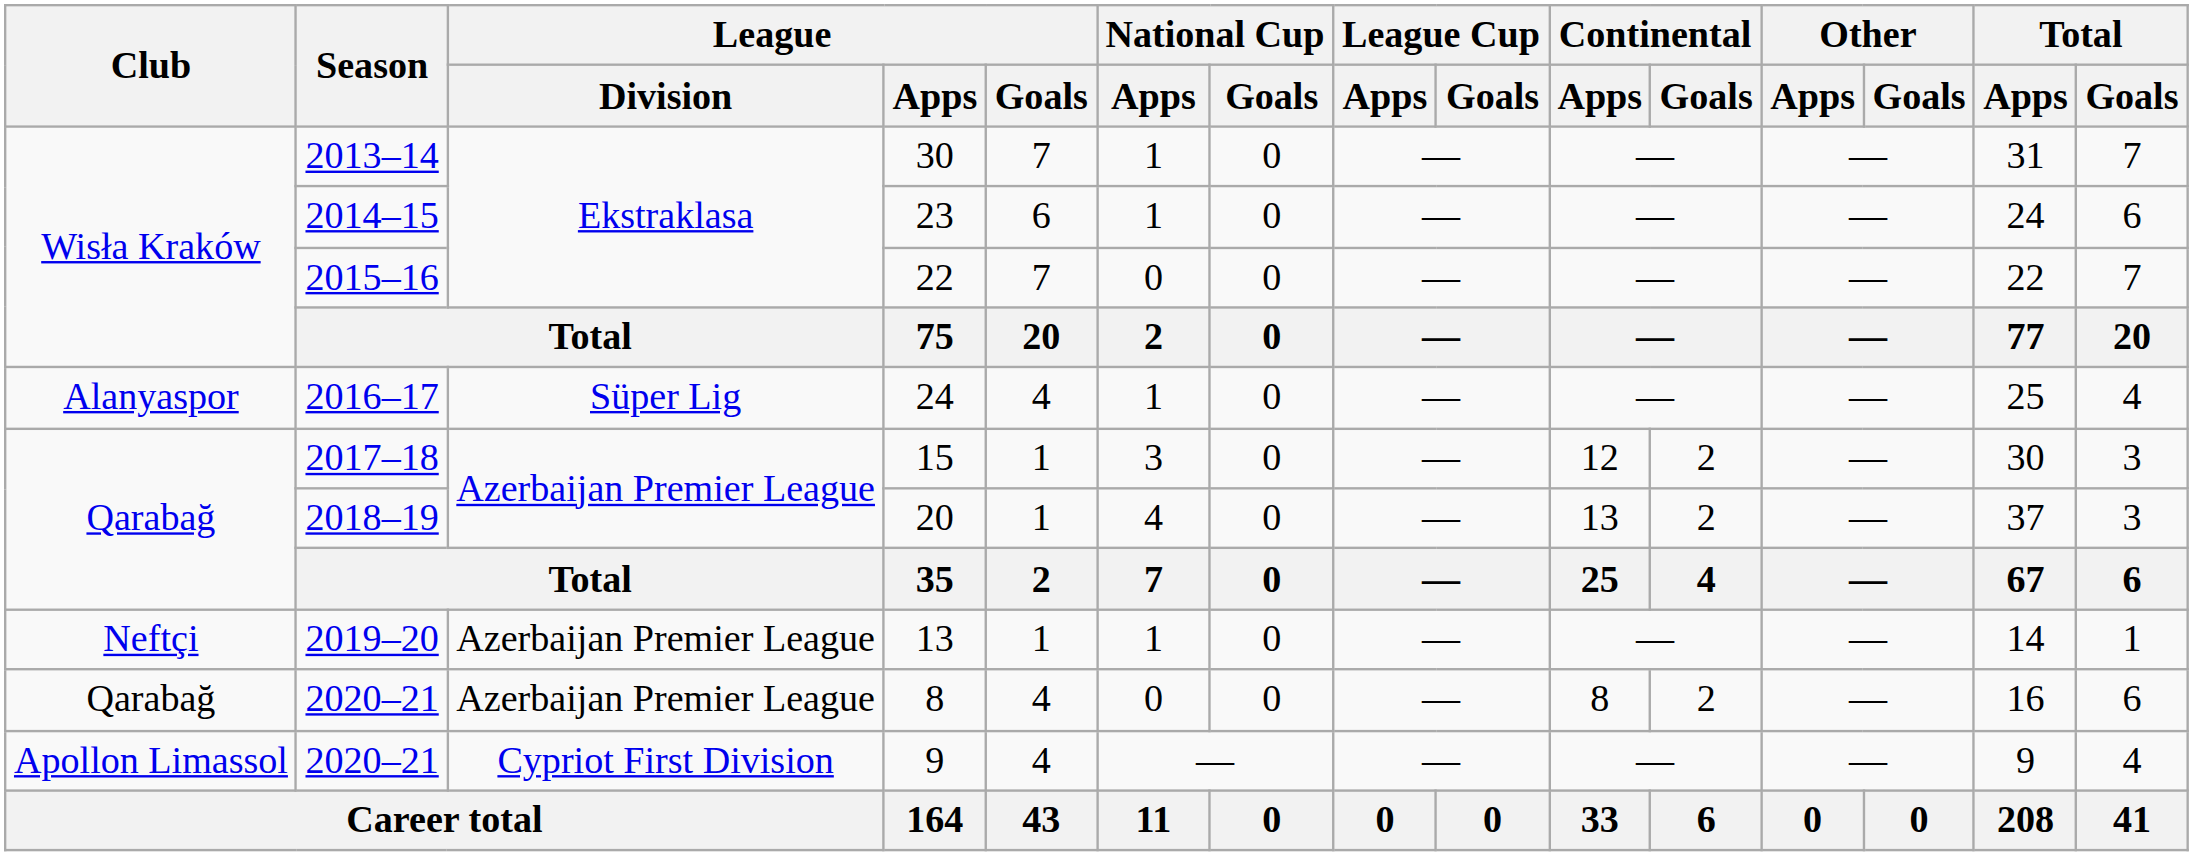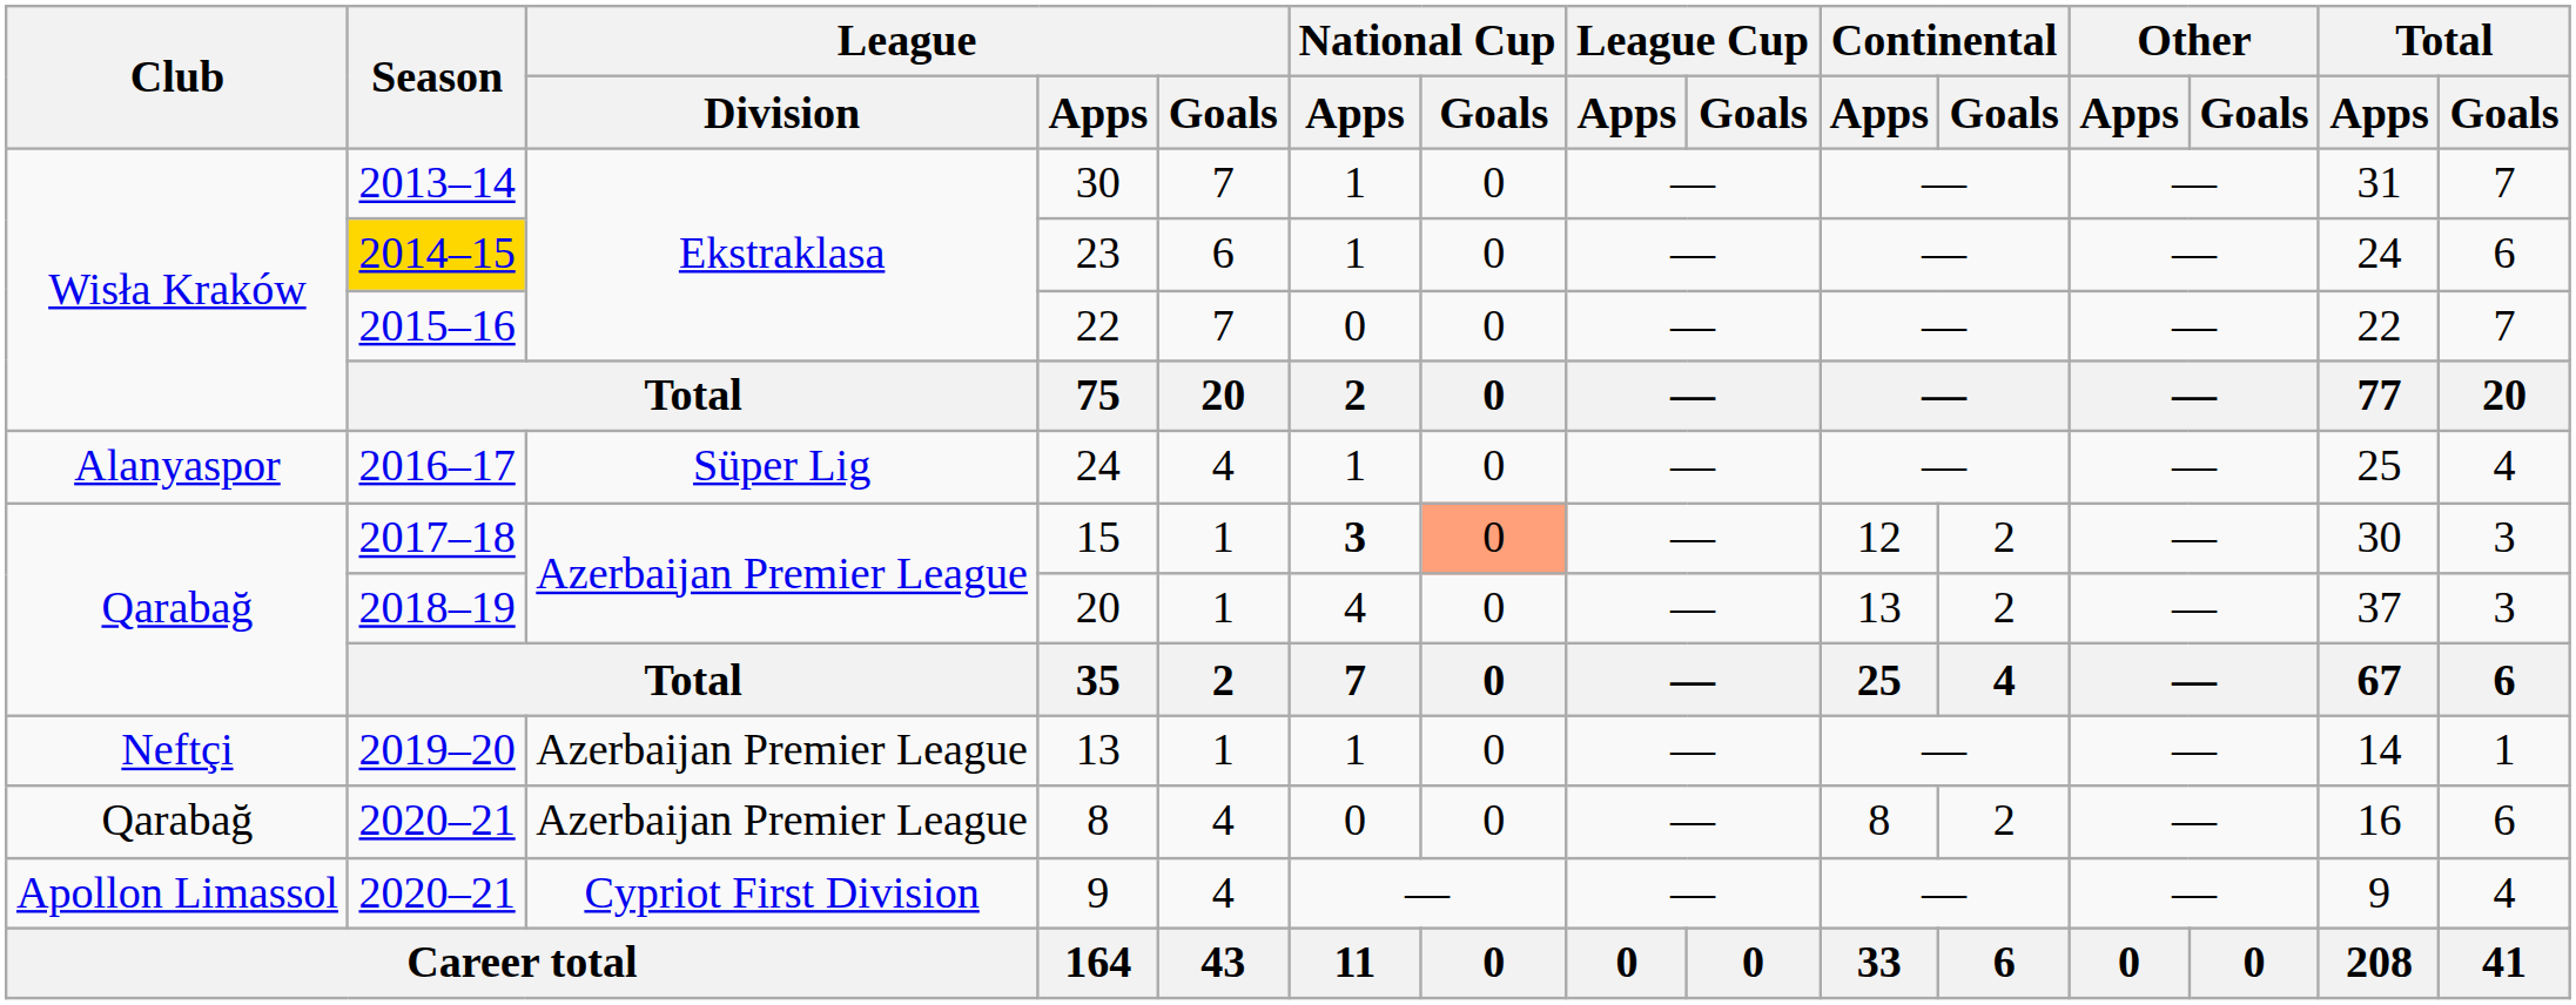 <table class="wikitable" style="text-align:center">
 <tr>
 <th rowspan="2">Club</th>
 <th rowspan="2">Season</th>
 <th colspan="3">League</th>
 <th colspan="2">National Cup</th>
 <th colspan="2">League Cup</th>
 <th colspan="2">Continental</th>
 <th colspan="2">Other</th>
 <th colspan="2">Total</th>
 </tr>
 <tr>
 <th>Division</th>
 <th>Apps</th>
 <th>Goals</th>
 <th>Apps</th>
 <th>Goals</th>
 <th>Apps</th>
 <th>Goals</th>
 <th>Apps</th>
 <th>Goals</th>
 <th>Apps</th>
 <th>Goals</th>
 <th>Apps</th>
 <th>Goals</th>
 </tr>
 <tr>
 <td rowspan="4"><a href='#'>Wisła Kraków</a></td>
 <td><a href='#'>2013–14</a></td>
 <td rowspan="3"><a href='#'>Ekstraklasa</a></td>
 <td>30</td>
 <td>7</td>
 <td>1</td>
 <td>0</td>
 <td colspan="2">—</td>
 <td colspan="2">—</td>
 <td colspan="2">—</td>
 <td>31</td>
 <td>7</td>
 </tr>
 <tr>
-<td><a href='#'>2014–15</a></td>
+<td style="background: gold;"><a href='#'>2014–15</a></td>
 <td>23</td>
 <td>6</td>
 <td>1</td>
 <td>0</td>
 <td colspan="2">—</td>
 <td colspan="2">—</td>
 <td colspan="2">—</td>
 <td>24</td>
 <td>6</td>
 </tr>
 <tr>
 <td><a href='#'>2015–16</a></td>
 <td>22</td>
 <td>7</td>
 <td>0</td>
 <td>0</td>
 <td colspan="2">—</td>
 <td colspan="2">—</td>
 <td colspan="2">—</td>
 <td>22</td>
 <td>7</td>
 </tr>
 <tr>
 <th colspan="2">Total</th>
 <th>75</th>
 <th>20</th>
 <th>2</th>
 <th>0</th>
 <th colspan="2">—</th>
 <th colspan="2">—</th>
 <th colspan="2">—</th>
 <th>77</th>
 <th>20</th>
 </tr>
 <tr>
 <td valign="center"><a href='#'>Alanyaspor</a></td>
 <td><a href='#'>2016–17</a></td>
 <td><a href='#'>Süper Lig</a></td>
 <td>24</td>
 <td>4</td>
 <td>1</td>
 <td>0</td>
 <td colspan="2">—</td>
 <td colspan="2">—</td>
 <td colspan="2">—</td>
 <td>25</td>
 <td>4</td>
 </tr>
 <tr>
 <td rowspan="3"><a href='#'>Qarabağ</a></td>
 <td><a href='#'>2017–18</a></td>
 <td rowspan="2"><a href='#'>Azerbaijan Premier League</a></td>
 <td>15</td>
 <td>1</td>
-<td>3</td>
-<td>0</td>
+<td><strong>3</strong></td>
+<td style="background: lightsalmon;">0</td>
 <td colspan="2">—</td>
 <td>12</td>
 <td>2</td>
 <td colspan="2">—</td>
 <td>30</td>
 <td>3</td>
 </tr>
 <tr>
 <td><a href='#'>2018–19</a></td>
 <td>20</td>
 <td>1</td>
 <td>4</td>
 <td>0</td>
 <td colspan="2">—</td>
 <td>13</td>
 <td>2</td>
 <td colspan="2">—</td>
 <td>37</td>
 <td>3</td>
 </tr>
 <tr>
 <th colspan="2">Total</th>
 <th>35</th>
 <th>2</th>
 <th>7</th>
 <th>0</th>
 <th colspan="2">—</th>
 <th>25</th>
 <th>4</th>
 <th colspan="2">—</th>
 <th>67</th>
 <th>6</th>
 </tr>
 <tr>
 <td><a href='#'>Neftçi</a></td>
 <td><a href='#'>2019–20</a></td>
 <td>Azerbaijan Premier League</td>
 <td>13</td>
 <td>1</td>
 <td>1</td>
 <td>0</td>
 <td colspan="2">—</td>
 <td colspan="2">—</td>
 <td colspan="2">—</td>
 <td>14</td>
 <td>1</td>
 </tr>
 <tr>
 <td>Qarabağ</td>
 <td><a href='#'>2020–21</a></td>
 <td>Azerbaijan Premier League</td>
 <td>8</td>
 <td>4</td>
 <td>0</td>
 <td>0</td>
 <td colspan="2">—</td>
 <td>8</td>
 <td>2</td>
 <td colspan="2">—</td>
 <td>16</td>
 <td>6</td>
 </tr>
 <tr>
 <td><a href='#'>Apollon Limassol</a></td>
 <td><a href='#'>2020–21</a></td>
 <td><a href='#'>Cypriot First Division</a></td>
 <td>9</td>
 <td>4</td>
 <td colspan="2">—</td>
 <td colspan="2">—</td>
 <td colspan="2">—</td>
 <td colspan="2">—</td>
 <td>9</td>
 <td>4</td>
 </tr>
 <tr>
 <th colspan="3">Career total</th>
 <th>164</th>
 <th>43</th>
 <th>11</th>
 <th>0</th>
 <th>0</th>
 <th>0</th>
 <th>33</th>
 <th>6</th>
 <th>0</th>
 <th>0</th>
 <th>208</th>
 <th>41</th>
 </tr>
 </table>
